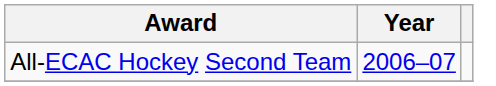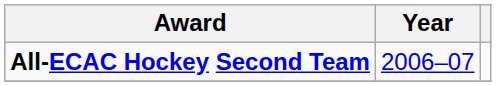 <table class="wikitable">
 <tr>
 <th>Award</th>
 <th>Year</th>
 <th></th>
 </tr>
 <tr>
-<td>All-<a href='#'>ECAC Hockey</a> <a href='#'>Second Team</a></td>
+<td><strong>All-<a href='#'>ECAC Hockey</a> <a href='#'>Second Team</a></strong></td>
 <td><a href='#'>2006–07</a></td>
 <td></td>
 </tr>
 <tr>
 </tr>
 </table>
